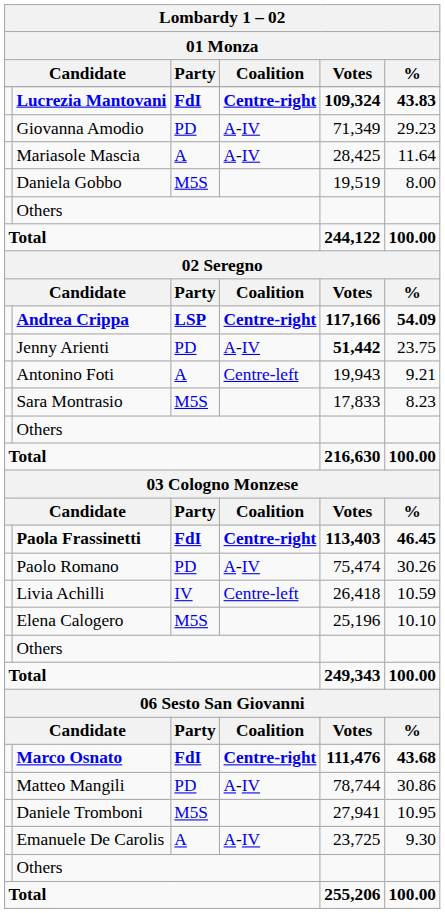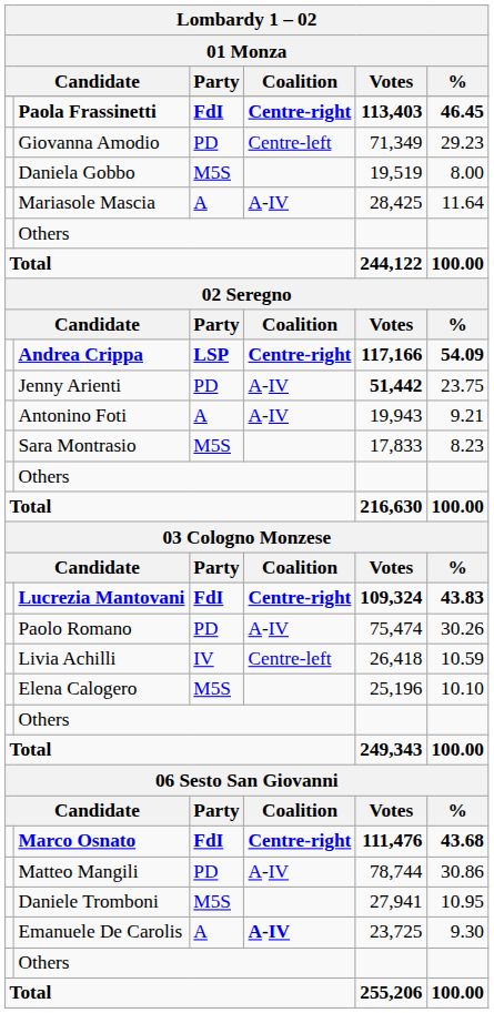 <table class=wikitable style=text-align:right>
 <tr>
 <th colspan=6>Lombardy 1 – 02</th>
 </tr>
 <tr>
 <th colspan=6>01 Monza</th>
 </tr>
 <tr>
 <th colspan=2>Candidate</th>
 <th>Party</th>
 <th>Coalition</th>
 <th>Votes</th>
 <th>%</th>
 </tr>
 <tr>
 </tr>
 <tr>
 <td></td>
-<td align=left><strong><a href='#'>Lucrezia Mantovani</a></strong></td>
+<td align=left><strong>Paola Frassinetti</strong></td>
 <td align=left><strong><a href='#'>FdI</a></strong></td>
 <td align=left><strong><a href='#'>Centre-right</a></strong></td>
-<td><strong>109,324</strong></td>
-<td><strong>43.83</strong></td>
+<td><strong>113,403</strong></td>
+<td><strong>46.45</strong></td>
 </tr>
 <tr>
 <td></td>
 <td align=left>Giovanna Amodio</td>
 <td align=left><a href='#'>PD</a></td>
-<td align=left><a href='#'>A</a>-<a href='#'>IV</a></td>
+<td align=left><a href='#'>Centre-left</a></td>
 <td>71,349</td>
 <td>29.23</td>
+</tr>
+<tr>
+<td></td>
+<td align=left>Daniela Gobbo</td>
+<td align=left><a href='#'>M5S</a></td>
+<td></td>
+<td>19,519</td>
+<td>8.00</td>
 </tr>
 <tr>
 <td></td>
 <td align=left>Mariasole Mascia</td>
 <td align=left><a href='#'>A</a></td>
 <td align=left><a href='#'>A</a>-<a href='#'>IV</a></td>
 <td>28,425</td>
 <td>11.64</td>
-</tr>
-<tr>
-<td></td>
-<td align=left>Daniela Gobbo</td>
-<td align=left><a href='#'>M5S</a></td>
-<td></td>
-<td>19,519</td>
-<td>8.00</td>
 </tr>
 <tr>
 <td></td>
 <td align=left colspan=3>Others</td>
 <td></td>
 <td></td>
 </tr>
 <tr>
 <td align=left colspan=4><strong>Total</strong></td>
 <td><strong>244,122</strong></td>
 <td><strong>100.00</strong></td>
 </tr>
 <tr>
 <th colspan=6>02 Seregno</th>
 </tr>
 <tr>
 <th colspan=2>Candidate</th>
 <th>Party</th>
 <th>Coalition</th>
 <th>Votes</th>
 <th>%</th>
 </tr>
 <tr>
 <td></td>
 <td align=left><strong><a href='#'>Andrea Crippa</a></strong></td>
 <td align=left><strong><a href='#'>LSP</a></strong></td>
 <td align=left><strong><a href='#'>Centre-right</a></strong></td>
 <td><strong>117,166</strong></td>
 <td><strong>54.09</strong></td>
 </tr>
 <tr>
 <td></td>
 <td align=left>Jenny Arienti</td>
 <td align=left><a href='#'>PD</a></td>
 <td align=left><a href='#'>A</a>-<a href='#'>IV</a></td>
 <td><strong>51,442</strong></td>
 <td>23.75</td>
 </tr>
 <tr>
 <td></td>
 <td align=left>Antonino Foti</td>
 <td align=left><a href='#'>A</a></td>
-<td align=left><a href='#'>Centre-left</a></td>
+<td align=left><a href='#'>A</a>-<a href='#'>IV</a></td>
 <td>19,943</td>
 <td>9.21</td>
 </tr>
 <tr>
 <td></td>
 <td align=left>Sara Montrasio</td>
 <td align=left><a href='#'>M5S</a></td>
 <td></td>
 <td>17,833</td>
 <td>8.23</td>
 </tr>
 <tr>
 <td></td>
 <td align=left colspan=3>Others</td>
 <td></td>
 <td></td>
 </tr>
 <tr>
 <td align=left colspan=4><strong>Total</strong></td>
 <td><strong>216,630</strong></td>
 <td><strong>100.00</strong></td>
 </tr>
 <tr>
 <th colspan=6>03 Cologno Monzese</th>
 </tr>
 <tr>
 <th colspan=2>Candidate</th>
 <th>Party</th>
 <th>Coalition</th>
 <th>Votes</th>
 <th>%</th>
 </tr>
 <tr>
 <td></td>
-<td align=left><strong>Paola Frassinetti</strong></td>
+<td align=left><strong><a href='#'>Lucrezia Mantovani</a></strong></td>
 <td align=left><strong><a href='#'>FdI</a></strong></td>
 <td align=left><strong><a href='#'>Centre-right</a></strong></td>
-<td><strong>113,403</strong></td>
-<td><strong>46.45</strong></td>
+<td><strong>109,324</strong></td>
+<td><strong>43.83</strong></td>
 </tr>
 <tr>
 <td></td>
 <td align=left>Paolo Romano</td>
 <td align=left><a href='#'>PD</a></td>
 <td align=left><a href='#'>A</a>-<a href='#'>IV</a></td>
 <td>75,474</td>
 <td>30.26</td>
 </tr>
 <tr>
 <td></td>
 <td align=left>Livia Achilli</td>
 <td align=left><a href='#'>IV</a></td>
 <td align=left><a href='#'>Centre-left</a></td>
 <td>26,418</td>
 <td>10.59</td>
 </tr>
 <tr>
 <td></td>
 <td align=left>Elena Calogero</td>
 <td align=left><a href='#'>M5S</a></td>
 <td></td>
 <td>25,196</td>
 <td>10.10</td>
 </tr>
 <tr>
 <td></td>
 <td align=left colspan=3>Others</td>
 <td></td>
 <td></td>
 </tr>
 <tr>
 <td align=left colspan=4><strong>Total</strong></td>
 <td><strong>249,343</strong></td>
 <td><strong>100.00</strong></td>
 </tr>
 <tr>
 <th colspan=6>06 Sesto San Giovanni</th>
 </tr>
 <tr>
 <th colspan=2>Candidate</th>
 <th>Party</th>
 <th>Coalition</th>
 <th>Votes</th>
 <th>%</th>
 </tr>
 <tr>
 <td></td>
 <td align=left><strong><a href='#'>Marco Osnato</a></strong></td>
 <td align=left><strong><a href='#'>FdI</a></strong></td>
 <td align=left><strong><a href='#'>Centre-right</a></strong></td>
 <td><strong>111,476</strong></td>
 <td><strong>43.68</strong></td>
 </tr>
 <tr>
 <td></td>
 <td align=left>Matteo Mangili</td>
 <td align=left><a href='#'>PD</a></td>
 <td align=left><a href='#'>A</a>-<a href='#'>IV</a></td>
 <td>78,744</td>
 <td>30.86</td>
 </tr>
 <tr>
 <td></td>
 <td align=left>Daniele Tromboni</td>
 <td align=left><a href='#'>M5S</a></td>
 <td></td>
 <td>27,941</td>
 <td>10.95</td>
 </tr>
 <tr>
 <td></td>
 <td align=left>Emanuele De Carolis</td>
 <td align=left><a href='#'>A</a></td>
-<td align=left><a href='#'>A</a>-<a href='#'>IV</a></td>
+<td align=left><strong><a href='#'>A</a>-<a href='#'>IV</a></strong></td>
 <td>23,725</td>
 <td>9.30</td>
 </tr>
 <tr>
 <td></td>
 <td align=left colspan=3>Others</td>
 <td></td>
 <td></td>
 </tr>
 <tr>
 <td align=left colspan=4><strong>Total</strong></td>
 <td><strong>255,206</strong></td>
 <td><strong>100.00</strong></td>
 </tr>
 <tr>
 </tr>
 </table>
